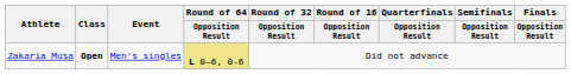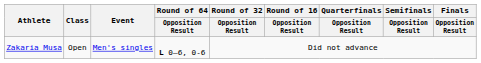 <table class=wikitable style="font-size:90%">
 <tr>
 <th rowspan="2">Athlete</th>
 <th rowspan="2">Class</th>
 <th rowspan="2">Event</th>
 <th>Round of 64</th>
 <th>Round of 32</th>
 <th>Round of 16</th>
 <th>Quarterfinals</th>
 <th>Semifinals</th>
 <th>Finals</th>
 </tr>
 <tr>
 <th style="line-height:1em"><small>Opposition<br>Result</small></th>
 <th style="line-height:1em"><small>Opposition<br>Result</small></th>
 <th style="line-height:1em"><small>Opposition<br>Result</small></th>
 <th style="line-height:1em"><small>Opposition<br>Result</small></th>
 <th style="line-height:1em"><small>Opposition<br>Result</small></th>
 <th style="line-height:1em"><small>Opposition<br>Result</small></th>
 </tr>
 <tr>
 <td><a href='#'>Zakaria Musa</a></td>
-<td style="text-align:center;"><strong>Open</strong></td>
+<td style="text-align:center;">Open</td>
 <td><a href='#'>Men's singles</a></td>
-<td style="background: khaki; text-align:center;"><br><strong>L</strong> 0–6, 0-6</td>
+<td style="text-align:center;"><br><strong>L</strong> 0–6, 0-6</td>
 <td style="text-align:center;" colspan="5">Did not advance</td>
 </tr>
 </table>
